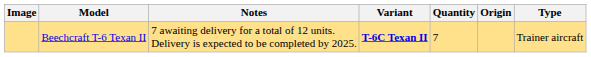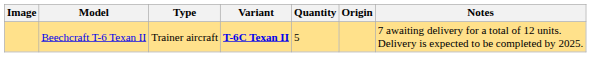 <table class="wikitable">
 <tr>
 <th>Image</th>
 <th>Model</th>
-<th>Notes</th>
+<th>Type</th>
 <th>Variant</th>
 <th>Quantity</th>
 <th>Origin</th>
-<th>Type</th>
+<th>Notes</th>
 </tr>
 <tr>
 <td style="background: #FFE18B"></td>
 <td style="background: #FFE18B"><a href='#'>Beechcraft T-6 Texan II</a></td>
+<td style="background: #FFE18B">Trainer aircraft</td>
+<td style="background: #FFE18B"><strong><a href='#'>T-6C Texan II</a></strong></td>
+<td style="background: #FFE18B">5</td>
+<td style="background: #FFE18B"></td>
 <td style="background: #FFE18B">7 awaiting delivery for a total of 12 units.<br>Delivery is expected to be completed by 2025.</td>
-<td style="background: #FFE18B"><strong><a href='#'>T-6C Texan II</a></strong></td>
-<td style="background: #FFE18B">7</td>
-<td style="background: #FFE18B"></td>
-<td style="background: #FFE18B">Trainer aircraft</td>
 </tr>
 </table>
